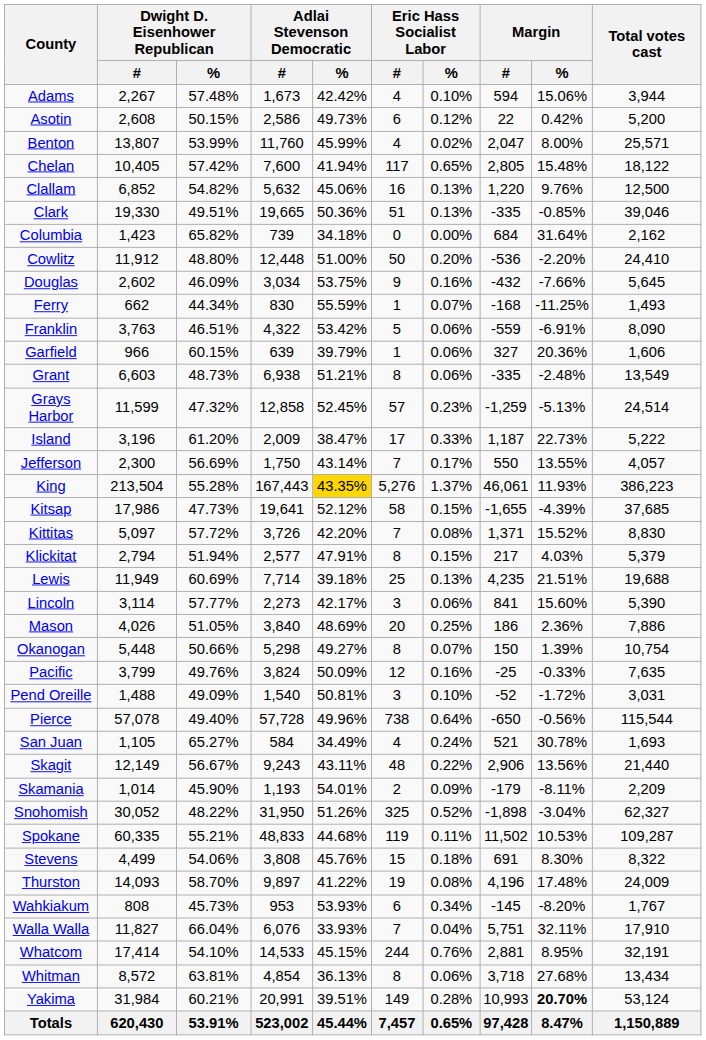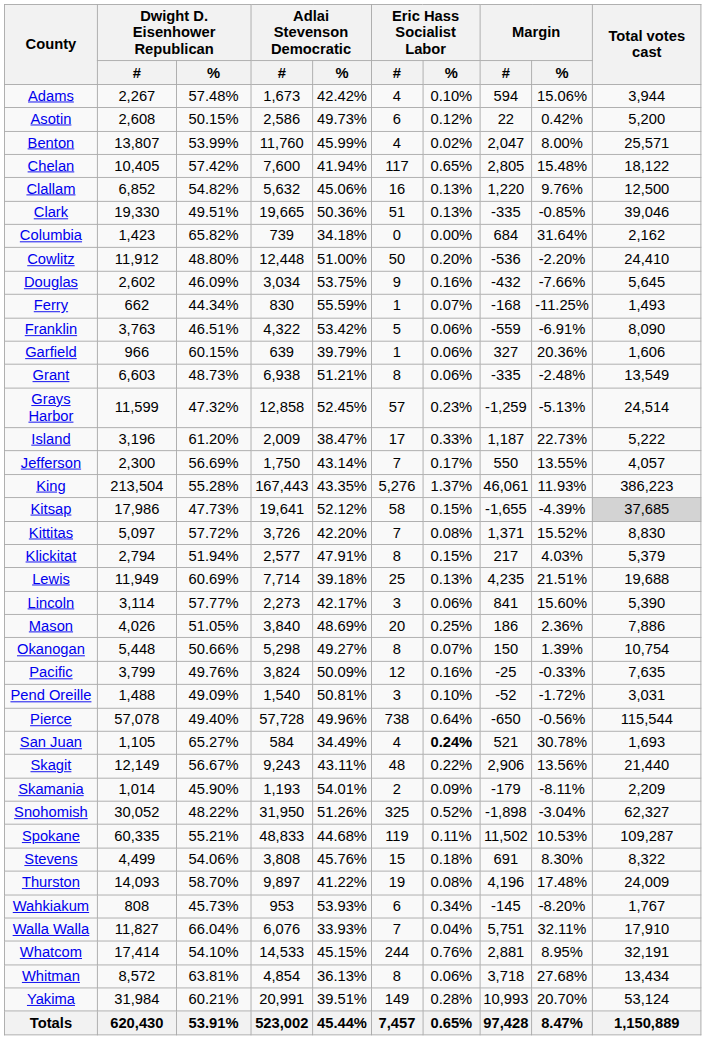 <table width="60%"  class="wikitable sortable" style="text-align:center">
 <tr>
 <th style="text-align:center;" rowspan="2">County</th>
 <th style="text-align:center;" colspan="2">Dwight D. Eisenhower<br>Republican</th>
 <th style="text-align:center;" colspan="2">Adlai Stevenson<br>Democratic</th>
 <th style="text-align:center;" colspan="2">Eric Hass<br>Socialist Labor</th>
 <th style="text-align:center;" colspan="2">Margin</th>
 <th style="text-align:center;" rowspan="2">Total votes cast</th>
 </tr>
 <tr>
 <th style="text-align:center;" data-sort-type="number">#</th>
 <th style="text-align:center;" data-sort-type="number">%</th>
 <th style="text-align:center;" data-sort-type="number">#</th>
 <th style="text-align:center;" data-sort-type="number">%</th>
 <th style="text-align:center;" data-sort-type="number">#</th>
 <th style="text-align:center;" data-sort-type="number">%</th>
 <th style="text-align:center;" data-sort-type="number">#</th>
 <th style="text-align:center;" data-sort-type="number">%</th>
 </tr>
 <tr style="text-align:center;">
 <td><a href='#'>Adams</a></td>
 <td>2,267</td>
 <td>57.48%</td>
 <td>1,673</td>
 <td>42.42%</td>
 <td>4</td>
 <td>0.10%</td>
 <td>594</td>
 <td>15.06%</td>
 <td>3,944</td>
 </tr>
 <tr style="text-align:center;">
 <td><a href='#'>Asotin</a></td>
 <td>2,608</td>
 <td>50.15%</td>
 <td>2,586</td>
 <td>49.73%</td>
 <td>6</td>
 <td>0.12%</td>
 <td>22</td>
 <td>0.42%</td>
 <td>5,200</td>
 </tr>
 <tr style="text-align:center;">
 <td><a href='#'>Benton</a></td>
 <td>13,807</td>
 <td>53.99%</td>
 <td>11,760</td>
 <td>45.99%</td>
 <td>4</td>
 <td>0.02%</td>
 <td>2,047</td>
 <td>8.00%</td>
 <td>25,571</td>
 </tr>
 <tr style="text-align:center;">
 <td><a href='#'>Chelan</a></td>
 <td>10,405</td>
 <td>57.42%</td>
 <td>7,600</td>
 <td>41.94%</td>
 <td>117</td>
 <td>0.65%</td>
 <td>2,805</td>
 <td>15.48%</td>
 <td>18,122</td>
 </tr>
 <tr style="text-align:center;">
 <td><a href='#'>Clallam</a></td>
 <td>6,852</td>
 <td>54.82%</td>
 <td>5,632</td>
 <td>45.06%</td>
 <td>16</td>
 <td>0.13%</td>
 <td>1,220</td>
 <td>9.76%</td>
 <td>12,500</td>
 </tr>
 <tr style="text-align:center;">
 <td><a href='#'>Clark</a></td>
 <td>19,330</td>
 <td>49.51%</td>
 <td>19,665</td>
 <td>50.36%</td>
 <td>51</td>
 <td>0.13%</td>
 <td>-335</td>
 <td>-0.85%</td>
 <td>39,046</td>
 </tr>
 <tr style="text-align:center;">
 <td><a href='#'>Columbia</a></td>
 <td>1,423</td>
 <td>65.82%</td>
 <td>739</td>
 <td>34.18%</td>
 <td>0</td>
 <td>0.00%</td>
 <td>684</td>
 <td>31.64%</td>
 <td>2,162</td>
 </tr>
 <tr style="text-align:center;">
 <td><a href='#'>Cowlitz</a></td>
 <td>11,912</td>
 <td>48.80%</td>
 <td>12,448</td>
 <td>51.00%</td>
 <td>50</td>
 <td>0.20%</td>
 <td>-536</td>
 <td>-2.20%</td>
 <td>24,410</td>
 </tr>
 <tr style="text-align:center;">
 <td><a href='#'>Douglas</a></td>
 <td>2,602</td>
 <td>46.09%</td>
 <td>3,034</td>
 <td>53.75%</td>
 <td>9</td>
 <td>0.16%</td>
 <td>-432</td>
 <td>-7.66%</td>
 <td>5,645</td>
 </tr>
 <tr style="text-align:center;">
 <td><a href='#'>Ferry</a></td>
 <td>662</td>
 <td>44.34%</td>
 <td>830</td>
 <td>55.59%</td>
 <td>1</td>
 <td>0.07%</td>
 <td>-168</td>
 <td>-11.25%</td>
 <td>1,493</td>
 </tr>
 <tr style="text-align:center;">
 <td><a href='#'>Franklin</a></td>
 <td>3,763</td>
 <td>46.51%</td>
 <td>4,322</td>
 <td>53.42%</td>
 <td>5</td>
 <td>0.06%</td>
 <td>-559</td>
 <td>-6.91%</td>
 <td>8,090</td>
 </tr>
 <tr style="text-align:center;">
 <td><a href='#'>Garfield</a></td>
 <td>966</td>
 <td>60.15%</td>
 <td>639</td>
 <td>39.79%</td>
 <td>1</td>
 <td>0.06%</td>
 <td>327</td>
 <td>20.36%</td>
 <td>1,606</td>
 </tr>
 <tr style="text-align:center;">
 <td><a href='#'>Grant</a></td>
 <td>6,603</td>
 <td>48.73%</td>
 <td>6,938</td>
 <td>51.21%</td>
 <td>8</td>
 <td>0.06%</td>
 <td>-335</td>
 <td>-2.48%</td>
 <td>13,549</td>
 </tr>
 <tr style="text-align:center;">
 <td><a href='#'>Grays Harbor</a></td>
 <td>11,599</td>
 <td>47.32%</td>
 <td>12,858</td>
 <td>52.45%</td>
 <td>57</td>
 <td>0.23%</td>
 <td>-1,259</td>
 <td>-5.13%</td>
 <td>24,514</td>
 </tr>
 <tr style="text-align:center;">
 <td><a href='#'>Island</a></td>
 <td>3,196</td>
 <td>61.20%</td>
 <td>2,009</td>
 <td>38.47%</td>
 <td>17</td>
 <td>0.33%</td>
 <td>1,187</td>
 <td>22.73%</td>
 <td>5,222</td>
 </tr>
 <tr style="text-align:center;">
 <td><a href='#'>Jefferson</a></td>
 <td>2,300</td>
 <td>56.69%</td>
 <td>1,750</td>
 <td>43.14%</td>
 <td>7</td>
 <td>0.17%</td>
 <td>550</td>
 <td>13.55%</td>
 <td>4,057</td>
 </tr>
 <tr style="text-align:center;">
 <td><a href='#'>King</a></td>
 <td>213,504</td>
 <td>55.28%</td>
 <td>167,443</td>
-<td style="background: gold;">43.35%</td>
+<td>43.35%</td>
 <td>5,276</td>
 <td>1.37%</td>
 <td>46,061</td>
 <td>11.93%</td>
 <td>386,223</td>
 </tr>
 <tr style="text-align:center;">
 <td><a href='#'>Kitsap</a></td>
 <td>17,986</td>
 <td>47.73%</td>
 <td>19,641</td>
 <td>52.12%</td>
 <td>58</td>
 <td>0.15%</td>
 <td>-1,655</td>
 <td>-4.39%</td>
-<td>37,685</td>
+<td style="background: lightgrey;">37,685</td>
 </tr>
 <tr style="text-align:center;">
 <td><a href='#'>Kittitas</a></td>
 <td>5,097</td>
 <td>57.72%</td>
 <td>3,726</td>
 <td>42.20%</td>
 <td>7</td>
 <td>0.08%</td>
 <td>1,371</td>
 <td>15.52%</td>
 <td>8,830</td>
 </tr>
 <tr style="text-align:center;">
 <td><a href='#'>Klickitat</a></td>
 <td>2,794</td>
 <td>51.94%</td>
 <td>2,577</td>
 <td>47.91%</td>
 <td>8</td>
 <td>0.15%</td>
 <td>217</td>
 <td>4.03%</td>
 <td>5,379</td>
 </tr>
 <tr style="text-align:center;">
 <td><a href='#'>Lewis</a></td>
 <td>11,949</td>
 <td>60.69%</td>
 <td>7,714</td>
 <td>39.18%</td>
 <td>25</td>
 <td>0.13%</td>
 <td>4,235</td>
 <td>21.51%</td>
 <td>19,688</td>
 </tr>
 <tr style="text-align:center;">
 <td><a href='#'>Lincoln</a></td>
 <td>3,114</td>
 <td>57.77%</td>
 <td>2,273</td>
 <td>42.17%</td>
 <td>3</td>
 <td>0.06%</td>
 <td>841</td>
 <td>15.60%</td>
 <td>5,390</td>
 </tr>
 <tr style="text-align:center;">
 <td><a href='#'>Mason</a></td>
 <td>4,026</td>
 <td>51.05%</td>
 <td>3,840</td>
 <td>48.69%</td>
 <td>20</td>
 <td>0.25%</td>
 <td>186</td>
 <td>2.36%</td>
 <td>7,886</td>
 </tr>
 <tr style="text-align:center;">
 <td><a href='#'>Okanogan</a></td>
 <td>5,448</td>
 <td>50.66%</td>
 <td>5,298</td>
 <td>49.27%</td>
 <td>8</td>
 <td>0.07%</td>
 <td>150</td>
 <td>1.39%</td>
 <td>10,754</td>
 </tr>
 <tr style="text-align:center;">
 <td><a href='#'>Pacific</a></td>
 <td>3,799</td>
 <td>49.76%</td>
 <td>3,824</td>
 <td>50.09%</td>
 <td>12</td>
 <td>0.16%</td>
 <td>-25</td>
 <td>-0.33%</td>
 <td>7,635</td>
 </tr>
 <tr style="text-align:center;">
 <td><a href='#'>Pend Oreille</a></td>
 <td>1,488</td>
 <td>49.09%</td>
 <td>1,540</td>
 <td>50.81%</td>
 <td>3</td>
 <td>0.10%</td>
 <td>-52</td>
 <td>-1.72%</td>
 <td>3,031</td>
 </tr>
 <tr style="text-align:center;">
 <td><a href='#'>Pierce</a></td>
 <td>57,078</td>
 <td>49.40%</td>
 <td>57,728</td>
 <td>49.96%</td>
 <td>738</td>
 <td>0.64%</td>
 <td>-650</td>
 <td>-0.56%</td>
 <td>115,544</td>
 </tr>
 <tr style="text-align:center;">
 <td><a href='#'>San Juan</a></td>
 <td>1,105</td>
 <td>65.27%</td>
 <td>584</td>
 <td>34.49%</td>
 <td>4</td>
-<td>0.24%</td>
+<td><strong>0.24%</strong></td>
 <td>521</td>
 <td>30.78%</td>
 <td>1,693</td>
 </tr>
 <tr style="text-align:center;">
 <td><a href='#'>Skagit</a></td>
 <td>12,149</td>
 <td>56.67%</td>
 <td>9,243</td>
 <td>43.11%</td>
 <td>48</td>
 <td>0.22%</td>
 <td>2,906</td>
 <td>13.56%</td>
 <td>21,440</td>
 </tr>
 <tr style="text-align:center;">
 <td><a href='#'>Skamania</a></td>
 <td>1,014</td>
 <td>45.90%</td>
 <td>1,193</td>
 <td>54.01%</td>
 <td>2</td>
 <td>0.09%</td>
 <td>-179</td>
 <td>-8.11%</td>
 <td>2,209</td>
 </tr>
 <tr style="text-align:center;">
 <td><a href='#'>Snohomish</a></td>
 <td>30,052</td>
 <td>48.22%</td>
 <td>31,950</td>
 <td>51.26%</td>
 <td>325</td>
 <td>0.52%</td>
 <td>-1,898</td>
 <td>-3.04%</td>
 <td>62,327</td>
 </tr>
 <tr style="text-align:center;">
 <td><a href='#'>Spokane</a></td>
 <td>60,335</td>
 <td>55.21%</td>
 <td>48,833</td>
 <td>44.68%</td>
 <td>119</td>
 <td>0.11%</td>
 <td>11,502</td>
 <td>10.53%</td>
 <td>109,287</td>
 </tr>
 <tr style="text-align:center;">
 <td><a href='#'>Stevens</a></td>
 <td>4,499</td>
 <td>54.06%</td>
 <td>3,808</td>
 <td>45.76%</td>
 <td>15</td>
 <td>0.18%</td>
 <td>691</td>
 <td>8.30%</td>
 <td>8,322</td>
 </tr>
 <tr style="text-align:center;">
 <td><a href='#'>Thurston</a></td>
 <td>14,093</td>
 <td>58.70%</td>
 <td>9,897</td>
 <td>41.22%</td>
 <td>19</td>
 <td>0.08%</td>
 <td>4,196</td>
 <td>17.48%</td>
 <td>24,009</td>
 </tr>
 <tr style="text-align:center;">
 <td><a href='#'>Wahkiakum</a></td>
 <td>808</td>
 <td>45.73%</td>
 <td>953</td>
 <td>53.93%</td>
 <td>6</td>
 <td>0.34%</td>
 <td>-145</td>
 <td>-8.20%</td>
 <td>1,767</td>
 </tr>
 <tr style="text-align:center;">
 <td><a href='#'>Walla Walla</a></td>
 <td>11,827</td>
 <td>66.04%</td>
 <td>6,076</td>
 <td>33.93%</td>
 <td>7</td>
 <td>0.04%</td>
 <td>5,751</td>
 <td>32.11%</td>
 <td>17,910</td>
 </tr>
 <tr style="text-align:center;">
 <td><a href='#'>Whatcom</a></td>
 <td>17,414</td>
 <td>54.10%</td>
 <td>14,533</td>
 <td>45.15%</td>
 <td>244</td>
 <td>0.76%</td>
 <td>2,881</td>
 <td>8.95%</td>
 <td>32,191</td>
 </tr>
 <tr style="text-align:center;">
 <td><a href='#'>Whitman</a></td>
 <td>8,572</td>
 <td>63.81%</td>
 <td>4,854</td>
 <td>36.13%</td>
 <td>8</td>
 <td>0.06%</td>
 <td>3,718</td>
 <td>27.68%</td>
 <td>13,434</td>
 </tr>
 <tr style="text-align:center;">
 <td><a href='#'>Yakima</a></td>
 <td>31,984</td>
 <td>60.21%</td>
 <td>20,991</td>
 <td>39.51%</td>
 <td>149</td>
 <td>0.28%</td>
 <td>10,993</td>
-<td><strong>20.70%</strong></td>
+<td>20.70%</td>
 <td>53,124</td>
 </tr>
 <tr style="text-align:center;">
 <th>Totals</th>
 <th>620,430</th>
 <th>53.91%</th>
 <th>523,002</th>
 <th>45.44%</th>
 <th>7,457</th>
 <th>0.65%</th>
 <th>97,428</th>
 <th>8.47%</th>
 <th>1,150,889</th>
 </tr>
 </table>
